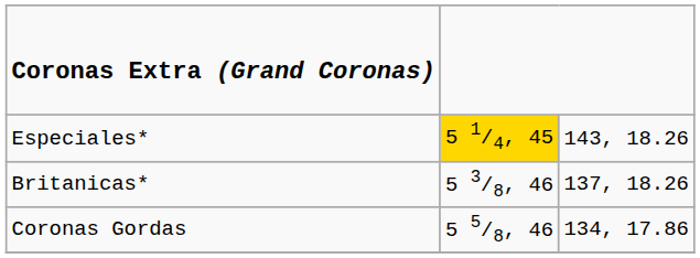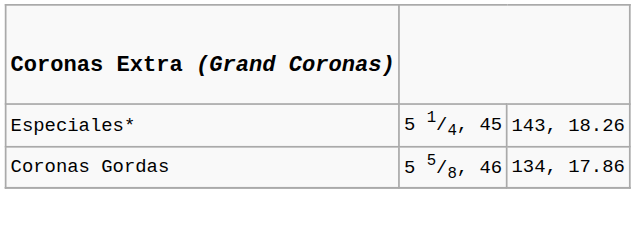 <table class="wikitable" style="font-size: 85%; margin:1em auto;">
 <tr>
 <td><br><h3>Coronas Extra <em>(Grand Coronas)</em></h3></td>
 </tr>
 <tr>
 <td>Especiales*</td>
-<td style="background: gold;">5 <sup>1</sup>/<sub>4</sub>, 45</td>
+<td>5 <sup>1</sup>/<sub>4</sub>, 45</td>
 <td>143, 18.26</td>
-</tr>
-<tr>
-<td>Britanicas*</td>
-<td>5 <sup>3</sup>/<sub>8</sub>, 46</td>
-<td>137, 18.26</td>
 </tr>
 <tr>
 <td>Coronas Gordas</td>
 <td>5 <sup>5</sup>/<sub>8</sub>, 46</td>
 <td>134, 17.86</td>
 </tr>
 <tr>
 </tr>
 </table>
